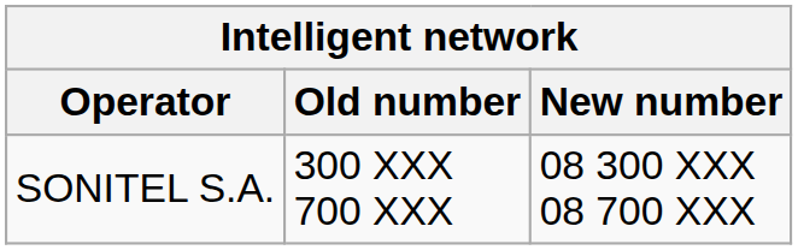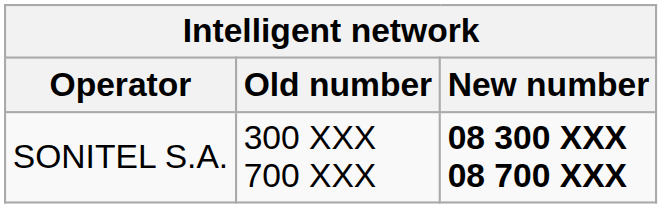 <table class="wikitable" border=1>
 <tr>
 <th colspan="4">Intelligent network</th>
 </tr>
 <tr>
 <th>Operator</th>
 <th>Old number</th>
 <th>New number</th>
 </tr>
 <tr>
 <td>SONITEL S.A.</td>
 <td>300 XXX<br>700 XXX</td>
-<td>08 300 XXX<br>08 700 XXX</td>
+<td><strong>08 300 XXX<br>08 700 XXX</strong></td>
 </tr>
 </table>
